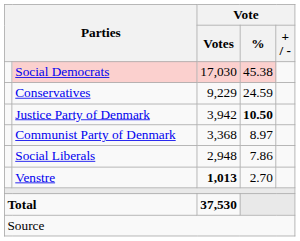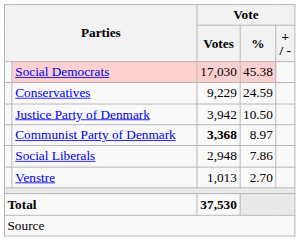 <table class="wikitable" style="text-align:right;">
 <tr>
 <th style="text-align:centre;" rowspan="2" colspan="2" width="225">Parties</th>
 <th colspan="3">Vote</th>
 </tr>
 <tr>
 <th width="15">Votes</th>
 <th width="15">%</th>
 <th width="15">+ / -</th>
 </tr>
 <tr>
 <td width="2" style="color:inherit;background:"></td>
 <td bgcolor=#fbd0ce  align="left"><a href='#'>Social Democrats</a></td>
 <td bgcolor=#fbd0ce>17,030</td>
 <td bgcolor=#fbd0ce>45.38</td>
 <td></td>
 </tr>
 <tr>
 <td width="2" style="color:inherit;background:"></td>
 <td align="left"><a href='#'>Conservatives</a></td>
 <td>9,229</td>
 <td>24.59</td>
 <td></td>
 </tr>
 <tr>
 <td width="2" style="color:inherit;background:"></td>
 <td align="left"><a href='#'>Justice Party of Denmark</a></td>
 <td>3,942</td>
-<td><strong>10.50</strong></td>
+<td>10.50</td>
 <td></td>
 </tr>
 <tr>
 <td width="2" style="color:inherit;background:"></td>
 <td align="left"><a href='#'>Communist Party of Denmark</a></td>
-<td>3,368</td>
+<td><strong>3,368</strong></td>
 <td>8.97</td>
 <td></td>
 </tr>
 <tr>
 <td width="2" style="color:inherit;background:"></td>
 <td align="left"><a href='#'>Social Liberals</a></td>
 <td>2,948</td>
 <td>7.86</td>
 <td></td>
 </tr>
 <tr>
 <td width="2" style="color:inherit;background:"></td>
 <td align="left"><a href='#'>Venstre</a></td>
-<td><strong>1,013</strong></td>
+<td>1,013</td>
 <td>2.70</td>
 <td></td>
 </tr>
 <tr>
 <td colspan="7" bgcolor="#E9E9E9"></td>
 </tr>
 <tr>
 <td align="left" colspan="2"><strong>Total</strong></td>
 <td><strong>37,530</strong></td>
 <td bgcolor="#E9E9E9" colspan="2"></td>
 </tr>
 <tr>
 <td align="left" colspan="6">Source</td>
 </tr>
 </table>
